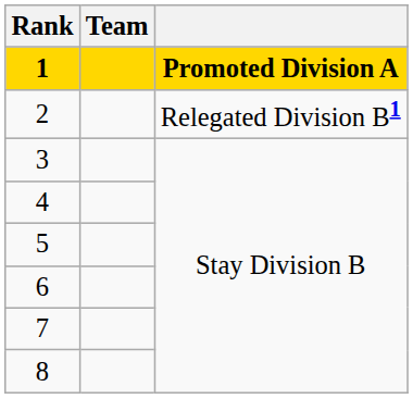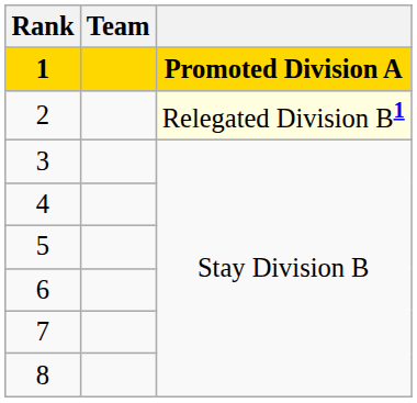 <table class="wikitable" style="text-align:center">
 <tr>
 <th>Rank</th>
 <th>Team</th>
 <th></th>
 </tr>
 <tr style="background:gold;">
 <td><strong>1</strong></td>
 <td align="left"></td>
 <td><strong>Promoted Division A</strong></td>
 </tr>
 <tr>
 <td>2</td>
 <td align="left"></td>
-<td>Relegated Division B<sup><strong><a href='#'>1</a></strong></sup></td>
+<td style="background: lightyellow;">Relegated Division B<sup><strong><a href='#'>1</a></strong></sup></td>
 </tr>
 <tr>
 <td>3</td>
 <td align="left"></td>
 <td ROWSPAN="6">Stay Division B</td>
 </tr>
 <tr>
 <td>4</td>
 <td align="left"></td>
 </tr>
 <tr>
 <td>5</td>
 <td align="left"></td>
 </tr>
 <tr>
 <td>6</td>
 <td align="left"></td>
 </tr>
 <tr>
 <td>7</td>
 <td align="left"></td>
 </tr>
 <tr>
 <td>8</td>
 <td align="left"></td>
 </tr>
 </table>
